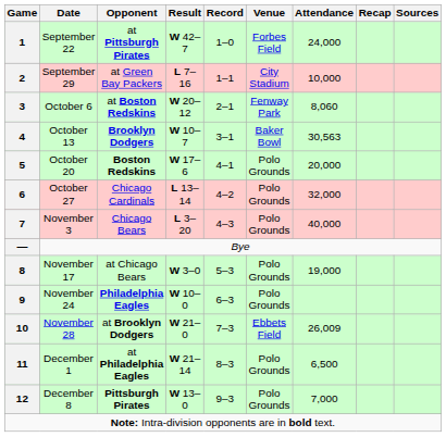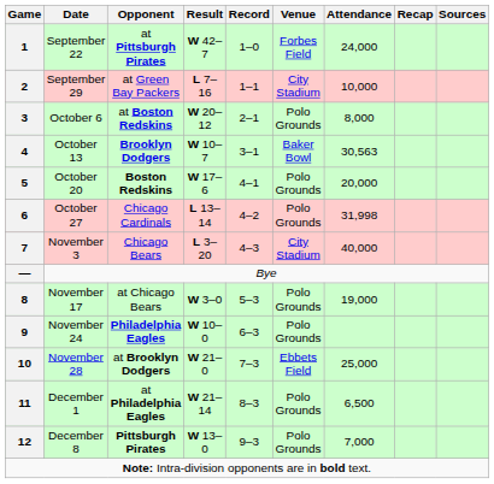 <table class="wikitable" style="text-align:center">
 <tr>
 <th>Game</th>
 <th>Date</th>
 <th>Opponent</th>
 <th>Result</th>
 <th>Record</th>
 <th>Venue</th>
 <th>Attendance</th>
 <th>Recap</th>
 <th>Sources</th>
 </tr>
 <tr style="background:#cfc">
 <th>1</th>
 <td>September 22</td>
 <td>at <strong><a href='#'>Pittsburgh Pirates</a></strong></td>
 <td><strong>W</strong> 42–7</td>
 <td>1–0</td>
 <td><a href='#'>Forbes Field</a></td>
 <td>24,000</td>
 <td></td>
 <td></td>
 </tr>
 <tr style="background:#fcc">
 <th>2</th>
 <td>September 29</td>
 <td>at <a href='#'>Green Bay Packers</a></td>
 <td><strong>L</strong> 7–16</td>
 <td>1–1</td>
 <td><a href='#'>City Stadium</a></td>
 <td>10,000</td>
 <td></td>
 <td></td>
 </tr>
 <tr style="background:#cfc">
 <th>3</th>
 <td>October 6</td>
 <td>at <strong><a href='#'>Boston Redskins</a></strong></td>
 <td><strong>W</strong> 20–12</td>
 <td>2–1</td>
-<td><a href='#'>Fenway Park</a></td>
-<td>8,060</td>
+<td>Polo Grounds</td>
+<td>8,000</td>
 <td></td>
 <td></td>
 </tr>
 <tr style="background:#cfc">
 <th>4</th>
 <td>October 13</td>
 <td><strong><a href='#'>Brooklyn Dodgers</a></strong></td>
 <td><strong>W</strong> 10–7</td>
 <td>3–1</td>
 <td><a href='#'>Baker Bowl</a></td>
 <td>30,563</td>
 <td></td>
 <td></td>
 </tr>
 <tr style="background:#cfc">
 <th>5</th>
 <td>October 20</td>
 <td><strong>Boston Redskins</strong></td>
 <td><strong>W</strong> 17–6</td>
 <td>4–1</td>
 <td>Polo Grounds</td>
 <td>20,000</td>
 <td></td>
 <td></td>
 </tr>
 <tr style="background:#fcc">
 <th>6</th>
 <td>October 27</td>
 <td><a href='#'>Chicago Cardinals</a></td>
 <td><strong>L</strong> 13–14</td>
 <td>4–2</td>
 <td>Polo Grounds</td>
-<td>32,000</td>
+<td>31,998</td>
 <td></td>
 <td></td>
 </tr>
 <tr style="background:#fcc">
 <th>7</th>
 <td>November 3</td>
 <td><a href='#'>Chicago Bears</a></td>
 <td><strong>L</strong> 3–20</td>
 <td>4–3</td>
-<td>Polo Grounds</td>
+<td><a href='#'>City Stadium</a></td>
 <td>40,000</td>
 <td></td>
 <td></td>
 </tr>
 <tr>
 <th>—</th>
 <td colspan="9"><em>Bye</em></td>
 </tr>
 <tr style="background:#cfc">
 <th>8</th>
 <td>November 17</td>
 <td>at Chicago Bears</td>
 <td><strong>W</strong> 3–0</td>
 <td>5–3</td>
 <td>Polo Grounds</td>
 <td>19,000</td>
 <td></td>
 <td></td>
 </tr>
 <tr style="background:#cfc">
 <th>9</th>
 <td>November 24</td>
 <td><strong><a href='#'>Philadelphia Eagles</a></strong></td>
 <td><strong>W</strong> 10–0</td>
 <td>6–3</td>
 <td>Polo Grounds</td>
 <td></td>
 <td></td>
 <td></td>
 </tr>
 <tr style="background:#cfc">
 <th>10</th>
 <td><a href='#'>November 28</a></td>
 <td>at <strong>Brooklyn Dodgers</strong></td>
 <td><strong>W</strong> 21–0</td>
 <td>7–3</td>
 <td><a href='#'>Ebbets Field</a></td>
-<td>26,009</td>
+<td>25,000</td>
 <td></td>
 <td></td>
 </tr>
 <tr style="background:#cfc">
 <th>11</th>
 <td>December 1</td>
 <td>at <strong>Philadelphia Eagles</strong></td>
 <td><strong>W</strong> 21–14</td>
 <td>8–3</td>
 <td>Polo Grounds</td>
 <td>6,500</td>
 <td></td>
 <td></td>
 </tr>
 <tr style="background:#cfc">
 <th>12</th>
 <td>December 8</td>
 <td><strong>Pittsburgh Pirates</strong></td>
 <td><strong>W</strong> 13–0</td>
 <td>9–3</td>
 <td>Polo Grounds</td>
 <td>7,000</td>
 <td></td>
 <td></td>
 </tr>
 <tr>
 <td colspan="10"><strong>Note:</strong> Intra-division opponents are in <strong>bold</strong> text.</td>
 </tr>
 </table>
